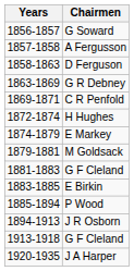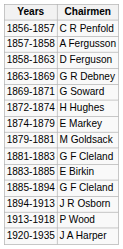 <table class="wikitable">
 <tr>
 <th scope="col">Years</th>
 <th scope="col">Chairmen</th>
 </tr>
 <tr style="vertical-align: top;">
 <td>1856-1857</td>
-<td>G Soward</td>
+<td>C R Penfold</td>
 </tr>
 <tr style="vertical-align: top;">
 <td>1857-1858</td>
 <td>A Fergusson</td>
 </tr>
 <tr style="vertical-align: top;">
 <td>1858-1863</td>
 <td>D Ferguson</td>
 </tr>
 <tr style="vertical-align: top;">
 <td>1863-1869</td>
 <td>G R Debney</td>
 </tr>
 <tr style="vertical-align: top;">
 <td>1869-1871</td>
-<td>C R Penfold</td>
+<td>G Soward</td>
 </tr>
 <tr style="vertical-align: top;">
 <td>1872-1874</td>
 <td>H Hughes</td>
 </tr>
 <tr style="vertical-align: top;">
 <td>1874-1879</td>
 <td>E Markey</td>
 </tr>
 <tr style="vertical-align: top;">
 <td>1879-1881</td>
 <td>M Goldsack</td>
 </tr>
 <tr style="vertical-align: top;">
 <td>1881-1883</td>
 <td>G F Cleland</td>
 </tr>
 <tr style="vertical-align: top;">
 <td>1883-1885</td>
 <td>E Birkin</td>
 </tr>
 <tr style="vertical-align: top;">
 <td>1885-1894</td>
-<td>P Wood</td>
+<td>G F Cleland</td>
 </tr>
 <tr style="vertical-align: top;">
 <td>1894-1913</td>
 <td>J R Osborn</td>
 </tr>
 <tr style="vertical-align: top;">
 <td>1913-1918</td>
-<td>G F Cleland</td>
+<td>P Wood</td>
 </tr>
 <tr style="vertical-align: top;">
 <td>1920-1935</td>
 <td>J A Harper</td>
 </tr>
 </table>
